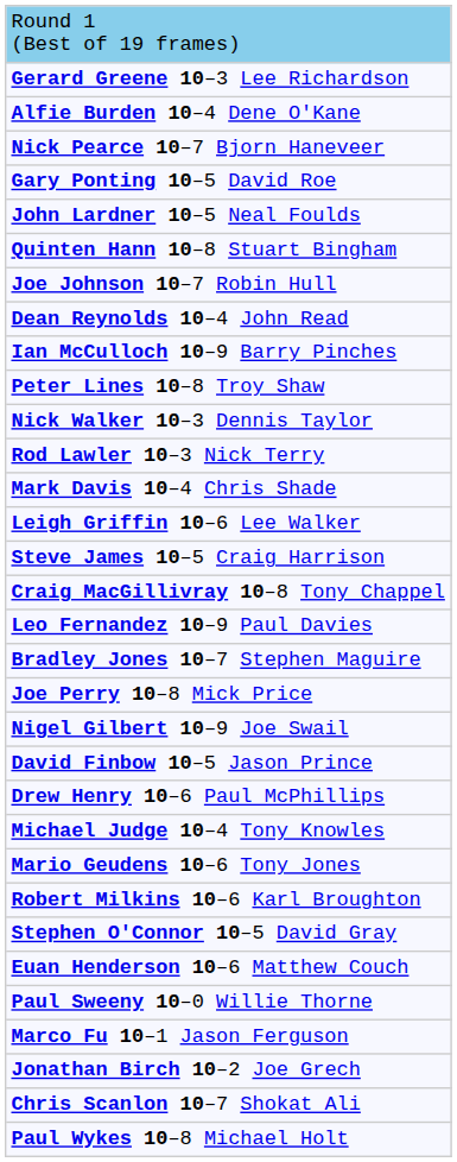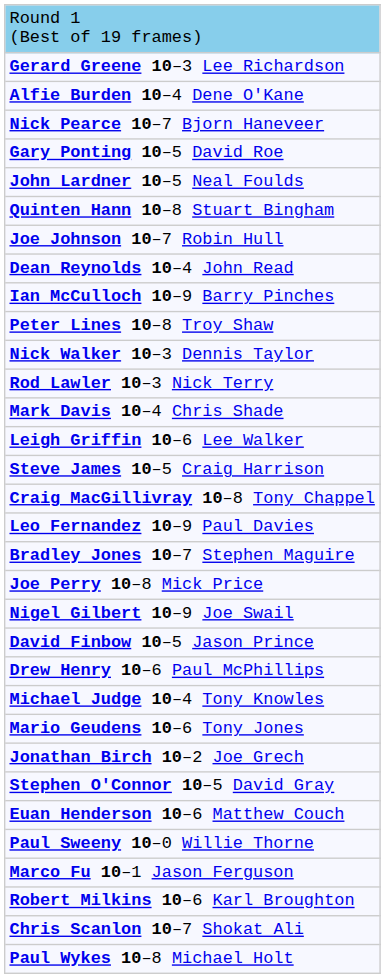 <table cellpadding="3" cellspacing="0" border="1" style="background:#f7f8ff; font-size:95%; border:#ccc solid 1px; border-collapse:collapse;">
 <tr>
 <td style="background:skyblue">Round 1<br>(Best of 19 frames)</td>
 </tr>
 <tr>
 <td><strong> <a href='#'>Gerard Greene</a>  10</strong>–3  <a href='#'>Lee Richardson</a></td>
 </tr>
 <tr>
 <td><strong> <a href='#'>Alfie Burden</a> 10</strong>–4  <a href='#'>Dene O'Kane</a></td>
 </tr>
 <tr>
 <td><strong> <a href='#'>Nick Pearce</a> 10</strong>–7  <a href='#'>Bjorn Haneveer</a></td>
 </tr>
 <tr>
 <td><strong> <a href='#'>Gary Ponting</a> 10</strong>–5  <a href='#'>David Roe</a></td>
 </tr>
 <tr>
 <td><strong> <a href='#'>John Lardner</a> 10</strong>–5  <a href='#'>Neal Foulds</a></td>
 </tr>
 <tr>
 <td><strong> <a href='#'>Quinten Hann</a> 10</strong>–8  <a href='#'>Stuart Bingham</a></td>
 </tr>
 <tr>
 <td><strong> <a href='#'>Joe Johnson</a> 10</strong>–7  <a href='#'>Robin Hull</a></td>
 </tr>
 <tr>
 <td><strong> <a href='#'>Dean Reynolds</a> 10</strong>–4  <a href='#'>John Read</a></td>
 </tr>
 <tr>
 <td><strong> <a href='#'>Ian McCulloch</a> 10</strong>–9  <a href='#'>Barry Pinches</a></td>
 </tr>
 <tr>
 <td><strong> <a href='#'>Peter Lines</a> 10</strong>–8  <a href='#'>Troy Shaw</a></td>
 </tr>
 <tr>
 <td><strong> <a href='#'>Nick Walker</a> 10</strong>–3  <a href='#'>Dennis Taylor</a></td>
 </tr>
 <tr>
 <td><strong> <a href='#'>Rod Lawler</a> 10</strong>–3  <a href='#'>Nick Terry</a></td>
 </tr>
 <tr>
 <td><strong> <a href='#'>Mark Davis</a>  10</strong>–4  <a href='#'>Chris Shade</a></td>
 </tr>
 <tr>
 <td><strong> <a href='#'>Leigh Griffin</a> 10</strong>–6  <a href='#'>Lee Walker</a></td>
 </tr>
 <tr>
 <td><strong> <a href='#'>Steve James</a> 10</strong>–5  <a href='#'>Craig Harrison</a></td>
 </tr>
 <tr>
 <td><strong> <a href='#'>Craig MacGillivray</a> 10</strong>–8  <a href='#'>Tony Chappel</a></td>
 </tr>
 <tr>
 <td><strong> <a href='#'>Leo Fernandez</a> 10</strong>–9  <a href='#'>Paul Davies</a></td>
 </tr>
 <tr>
 <td><strong> <a href='#'>Bradley Jones</a> 10</strong>–7  <a href='#'>Stephen Maguire</a></td>
 </tr>
 <tr>
 <td><strong> <a href='#'>Joe Perry</a> 10</strong>–8  <a href='#'>Mick Price</a></td>
 </tr>
 <tr>
 <td><strong> <a href='#'>Nigel Gilbert</a> 10</strong>–9  <a href='#'>Joe Swail</a></td>
 </tr>
 <tr>
 <td><strong> <a href='#'>David Finbow</a> 10</strong>–5  <a href='#'>Jason Prince</a></td>
 </tr>
 <tr>
 <td><strong> <a href='#'>Drew Henry</a> 10</strong>–6  <a href='#'>Paul McPhillips</a></td>
 </tr>
 <tr>
 <td><strong> <a href='#'>Michael Judge</a> 10</strong>–4  <a href='#'>Tony Knowles</a></td>
 </tr>
 <tr>
 <td><strong> <a href='#'>Mario Geudens</a> 10</strong>–6  <a href='#'>Tony Jones</a></td>
 </tr>
 <tr>
-<td><strong> <a href='#'>Robert Milkins</a> 10</strong>–6  <a href='#'>Karl Broughton</a></td>
+<td><strong> <a href='#'>Jonathan Birch</a> 10</strong>–2  <a href='#'>Joe Grech</a></td>
 </tr>
 <tr>
 <td><strong> <a href='#'>Stephen O'Connor</a> 10</strong>–5  <a href='#'>David Gray</a></td>
 </tr>
 <tr>
 <td><strong> <a href='#'>Euan Henderson</a> 10</strong>–6  <a href='#'>Matthew Couch</a></td>
 </tr>
 <tr>
 <td><strong> <a href='#'>Paul Sweeny</a> 10</strong>–0  <a href='#'>Willie Thorne</a></td>
 </tr>
 <tr>
 <td><strong> <a href='#'>Marco Fu</a>  10</strong>–1  <a href='#'>Jason Ferguson</a></td>
 </tr>
 <tr>
-<td><strong> <a href='#'>Jonathan Birch</a> 10</strong>–2  <a href='#'>Joe Grech</a></td>
+<td><strong> <a href='#'>Robert Milkins</a> 10</strong>–6  <a href='#'>Karl Broughton</a></td>
 </tr>
 <tr>
 <td><strong> <a href='#'>Chris Scanlon</a> 10</strong>–7  <a href='#'>Shokat Ali</a></td>
 </tr>
 <tr>
 <td><strong> <a href='#'>Paul Wykes</a> 10</strong>–8  <a href='#'>Michael Holt</a></td>
 </tr>
 </table>
